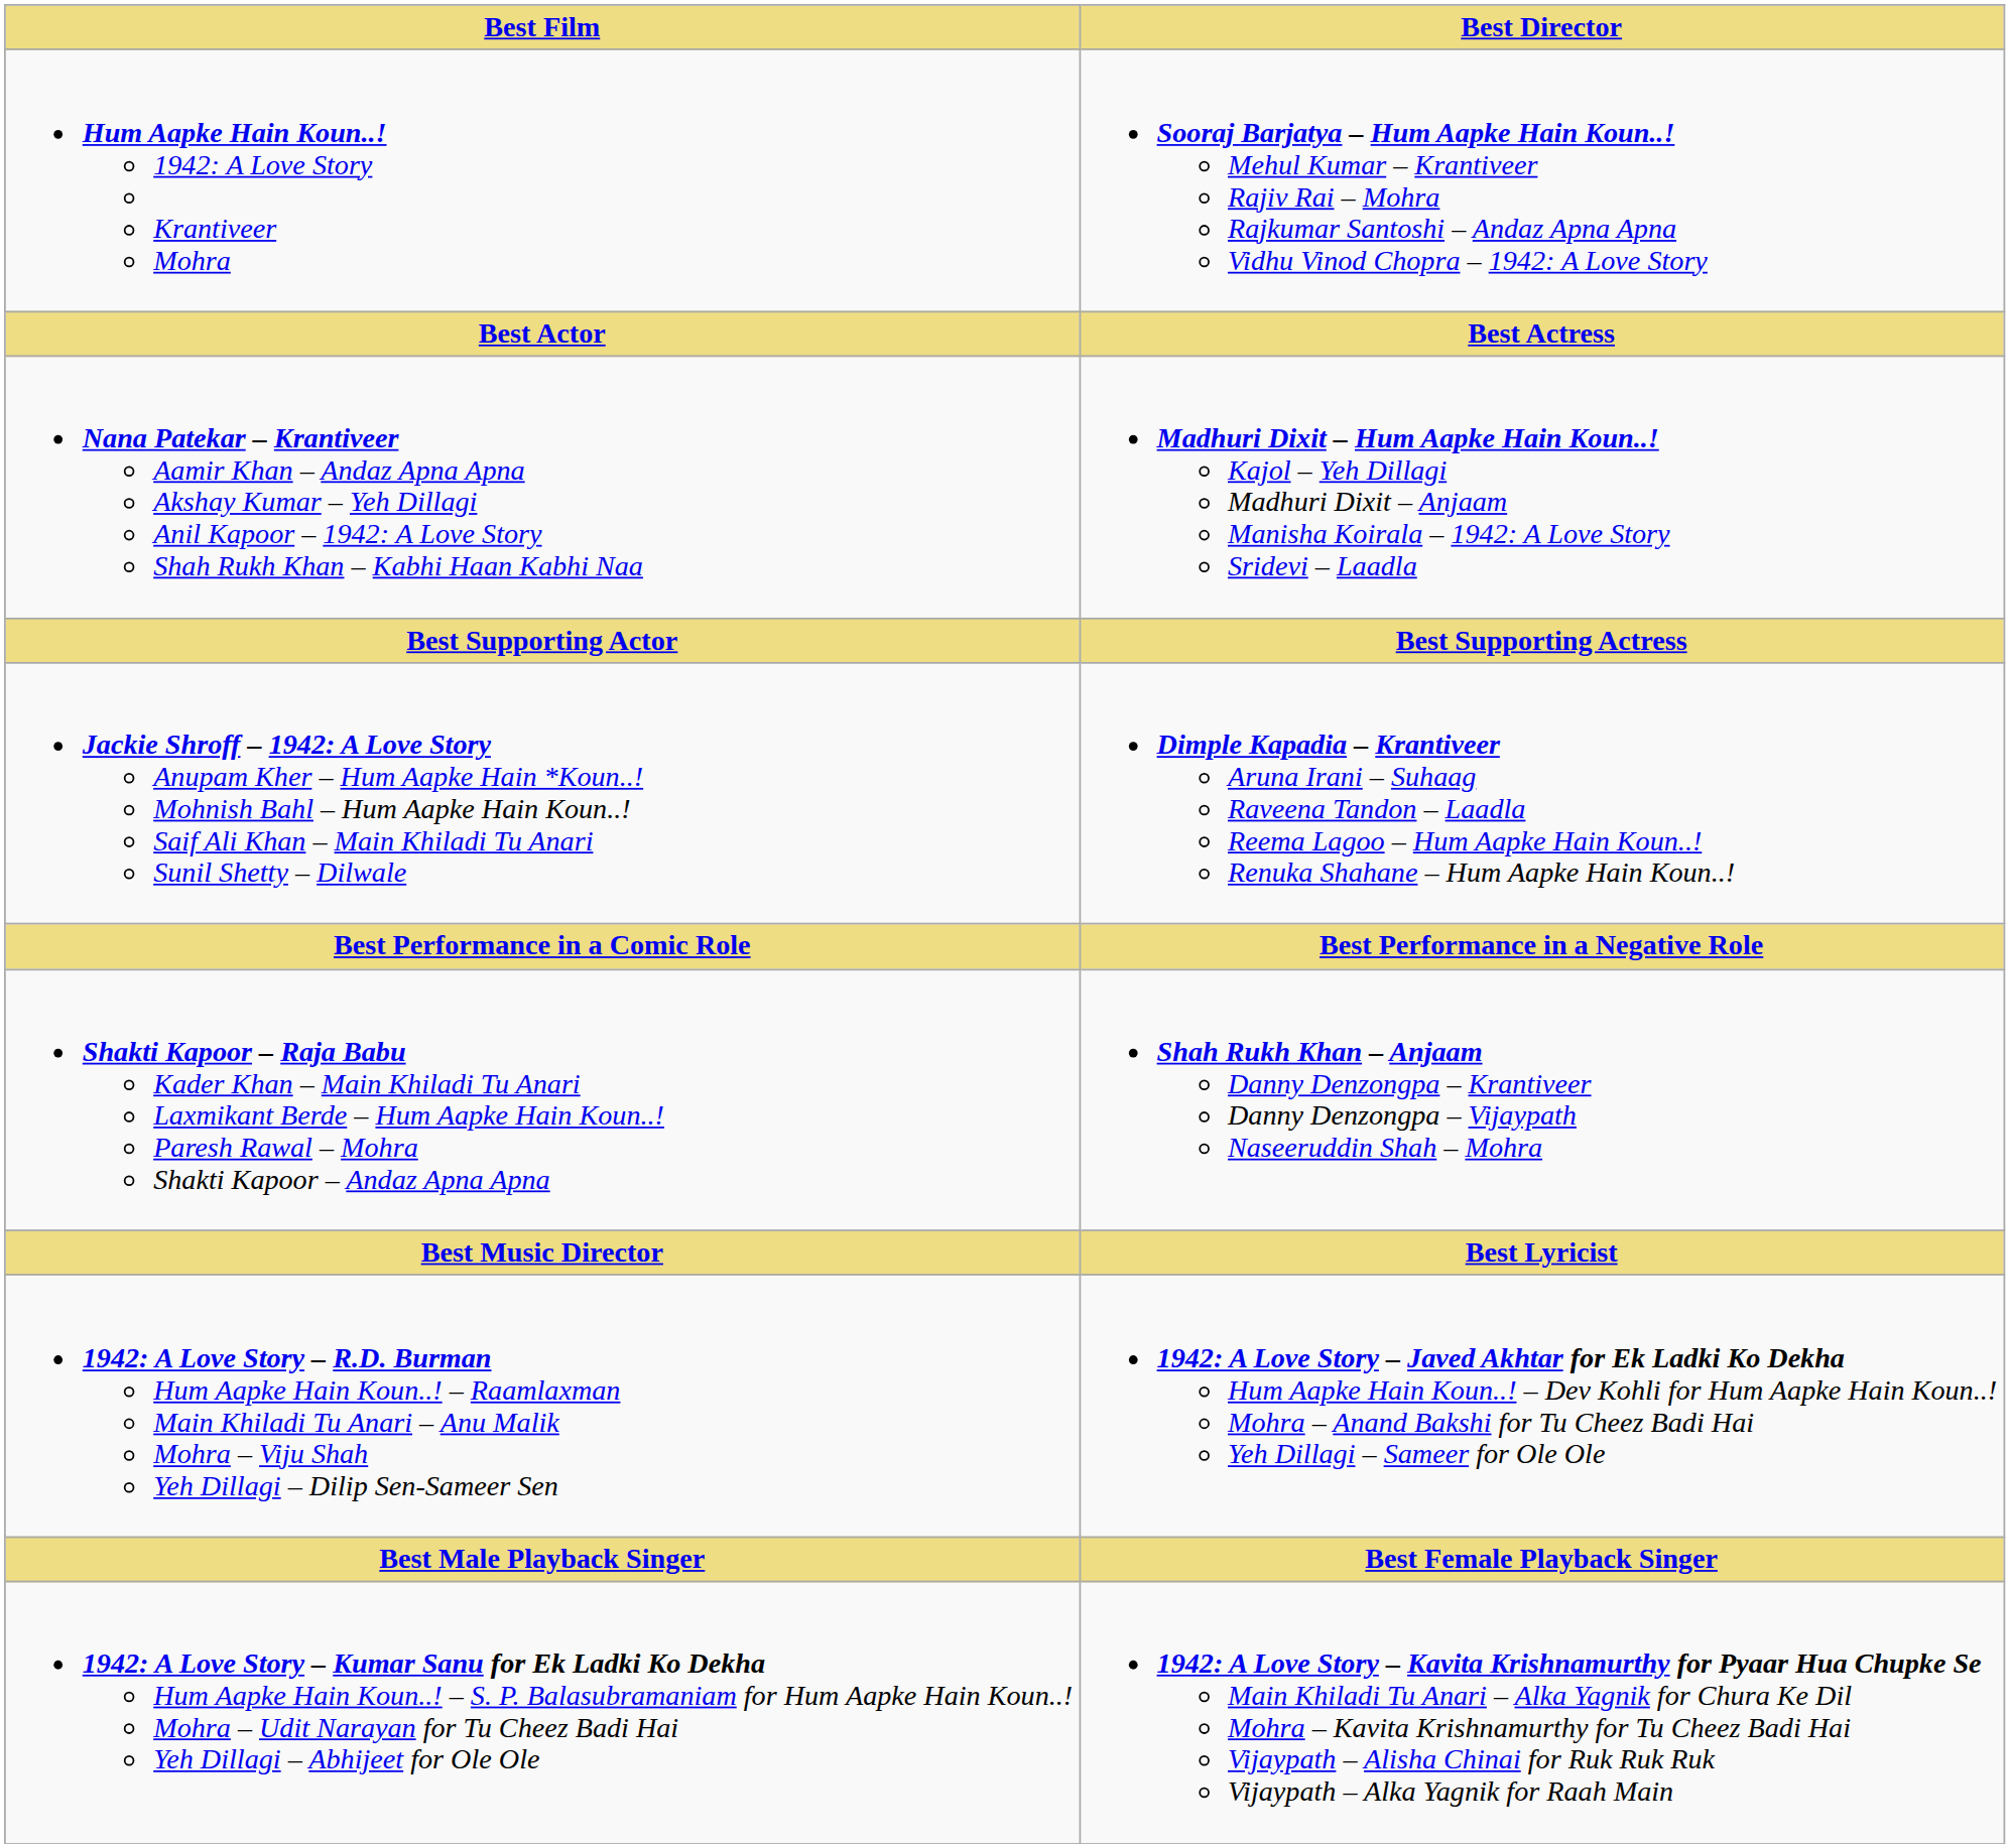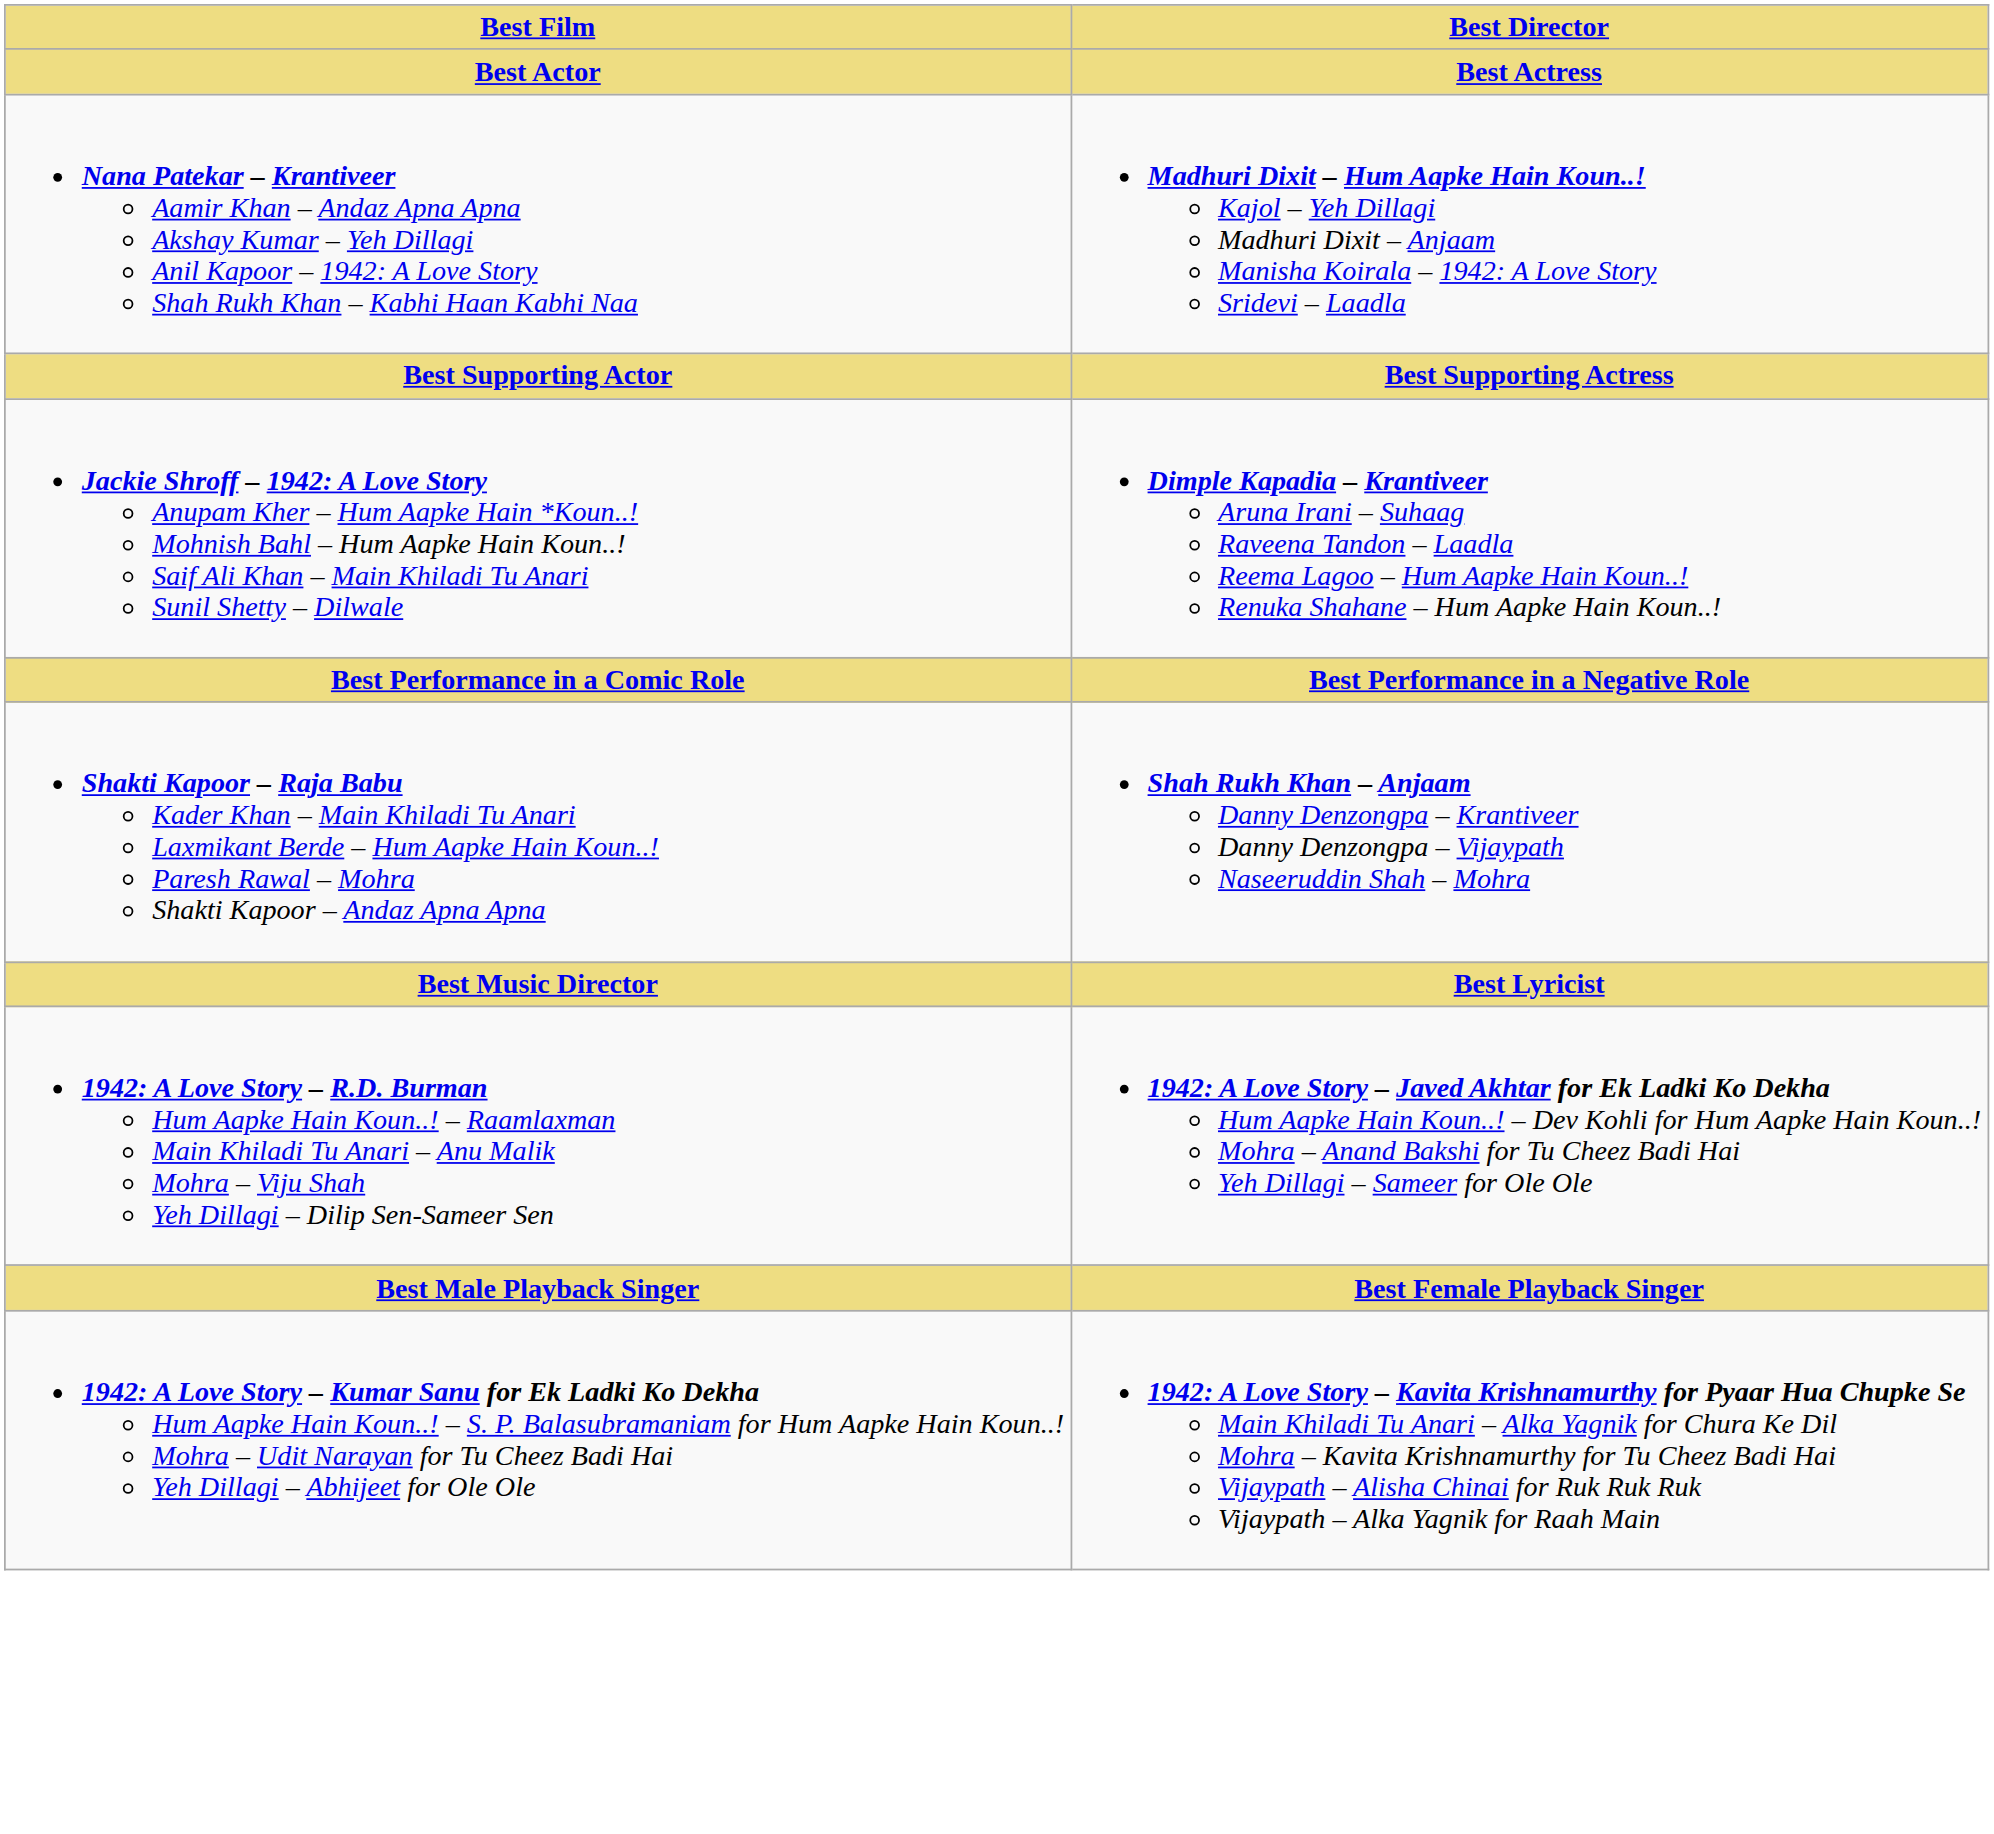 <table class="wikitable">
 <tr>
 <th ! style="background:#EEDD82;text-align:center;"><a href='#'>Best Film</a></th>
 <th ! style="background:#eedd82; text-align:center;"><a href='#'>Best Director</a></th>
-</tr>
-<tr>
-<td valign="top"><br><ul><li><strong> <em><a href='#'>Hum Aapke Hain Koun..!</a></em> </strong><ul><li><em><a href='#'>1942: A Love Story</a></em></li><li></li><li><em><a href='#'>Krantiveer</a></em></li><li><em><a href='#'>Mohra</a></em></li></ul></li></ul></td>
-<td valign="top"><br><ul><li><strong> <em><a href='#'>Sooraj Barjatya</a> – <a href='#'>Hum Aapke Hain Koun..!</a></em> </strong><ul><li><em><a href='#'>Mehul Kumar</a> – <a href='#'>Krantiveer</a></em></li><li><em><a href='#'>Rajiv Rai</a> – <a href='#'>Mohra</a></em></li><li><em><a href='#'>Rajkumar Santoshi</a> – <a href='#'>Andaz Apna Apna</a></em></li><li><em><a href='#'>Vidhu Vinod Chopra</a> – <a href='#'>1942: A Love Story</a></em></li></ul></li></ul></td>
 </tr>
 <tr>
 <th ! style="background:#EEDD82;text-align:center;"><a href='#'>Best Actor</a></th>
 <th ! style="background:#eedd82; text-align:center;"><a href='#'>Best Actress</a></th>
 </tr>
 <tr>
 <td valign="top"><br><ul><li><strong> <em><a href='#'>Nana Patekar</a> – <a href='#'>Krantiveer</a></em> </strong><ul><li><em><a href='#'>Aamir Khan</a> – <a href='#'>Andaz Apna Apna</a></em></li><li><em><a href='#'>Akshay Kumar</a> – <a href='#'>Yeh Dillagi</a></em></li><li><em><a href='#'>Anil Kapoor</a> – <a href='#'>1942: A Love Story</a></em></li><li><em><a href='#'>Shah Rukh Khan</a> – <a href='#'>Kabhi Haan Kabhi Naa</a></em></li></ul></li></ul></td>
 <td valign="top"><br><ul><li><strong> <em><a href='#'>Madhuri Dixit</a> – <a href='#'>Hum Aapke Hain Koun..!</a></em> </strong><ul><li><em><a href='#'>Kajol</a> – <a href='#'>Yeh Dillagi</a></em></li><li><em>Madhuri Dixit – <a href='#'>Anjaam</a></em></li><li><em><a href='#'>Manisha Koirala</a> – <a href='#'>1942: A Love Story</a></em></li><li><em><a href='#'>Sridevi</a> – <a href='#'>Laadla</a></em></li></ul></li></ul></td>
 </tr>
 <tr>
 <th ! style="background:#EEDD82;text-align:center;"><a href='#'>Best Supporting Actor</a></th>
 <th ! style="background:#eedd82; text-align:center;"><a href='#'>Best Supporting Actress</a></th>
 </tr>
 <tr>
 <td valign="top"><br><ul><li><strong> <em><a href='#'>Jackie Shroff</a> – <a href='#'>1942: A Love Story</a></em> </strong><ul><li><em><a href='#'>Anupam Kher</a> – <a href='#'>Hum Aapke Hain *Koun..!</a></em></li><li><em><a href='#'>Mohnish Bahl</a> – Hum Aapke Hain Koun..!</em></li><li><em><a href='#'>Saif Ali Khan</a> – <a href='#'>Main Khiladi Tu Anari</a></em></li><li><em><a href='#'>Sunil Shetty</a> – <a href='#'>Dilwale</a></em></li></ul></li></ul></td>
 <td valign="top"><br><ul><li><strong> <em><a href='#'>Dimple Kapadia</a> – <a href='#'>Krantiveer</a></em> </strong><ul><li><em><a href='#'>Aruna Irani</a> – <a href='#'>Suhaag</a></em></li><li><em><a href='#'>Raveena Tandon</a> – <a href='#'>Laadla</a></em></li><li><em><a href='#'>Reema Lagoo</a> – <a href='#'>Hum Aapke Hain Koun..!</a></em></li><li><em><a href='#'>Renuka Shahane</a> – Hum Aapke Hain Koun..!</em></li></ul></li></ul></td>
 </tr>
 <tr>
 <th ! style="background:#EEDD82;text-align:center;"><a href='#'>Best Performance in a Comic Role</a></th>
 <th ! style="background:#eedd82; text-align:center;"><a href='#'>Best Performance in a Negative Role</a></th>
 </tr>
 <tr>
 <td valign="top"><br><ul><li><strong> <em><a href='#'>Shakti Kapoor</a> – <a href='#'>Raja Babu</a></em> </strong><ul><li><em><a href='#'>Kader Khan</a> – <a href='#'>Main Khiladi Tu Anari</a></em></li><li><em><a href='#'>Laxmikant Berde</a> – <a href='#'>Hum Aapke Hain Koun..!</a></em></li><li><em><a href='#'>Paresh Rawal</a> – <a href='#'>Mohra</a></em></li><li><em>Shakti Kapoor – <a href='#'>Andaz Apna Apna</a></em></li></ul></li></ul></td>
 <td valign="top"><br><ul><li><strong> <em><a href='#'>Shah Rukh Khan</a> – <a href='#'>Anjaam</a></em> </strong><ul><li><em><a href='#'>Danny Denzongpa</a> – <a href='#'>Krantiveer</a></em></li><li><em>Danny Denzongpa – <a href='#'>Vijaypath</a></em></li><li><em><a href='#'>Naseeruddin Shah</a> – <a href='#'>Mohra</a></em></li></ul></li></ul></td>
 </tr>
 <tr>
 <th ! style="background:#eedd82; text-align:center;"><a href='#'>Best Music Director</a></th>
 <th ! style="background:#eedd82; text-align:center;"><a href='#'>Best Lyricist</a></th>
 </tr>
 <tr>
 <td valign="top"><br><ul><li><strong> <em><a href='#'>1942: A Love Story</a> – <a href='#'>R.D. Burman</a></em> </strong><ul><li><em><a href='#'>Hum Aapke Hain Koun..!</a> – <a href='#'>Raamlaxman</a></em></li><li><em><a href='#'>Main Khiladi Tu Anari</a> – <a href='#'>Anu Malik</a></em></li><li><em><a href='#'>Mohra</a> – <a href='#'>Viju Shah</a></em></li><li><em><a href='#'>Yeh Dillagi</a> – Dilip Sen-Sameer Sen</em></li></ul></li></ul></td>
 <td valign="top"><br><ul><li><strong> <em><a href='#'>1942: A Love Story</a> – <a href='#'>Javed Akhtar</a> for Ek Ladki Ko Dekha</em> </strong><ul><li><em><a href='#'>Hum Aapke Hain Koun..!</a> – Dev Kohli for Hum Aapke Hain Koun..!</em></li><li><em><a href='#'>Mohra</a> – <a href='#'>Anand Bakshi</a> for Tu Cheez Badi Hai</em></li><li><em><a href='#'>Yeh Dillagi</a> – <a href='#'>Sameer</a> for Ole Ole</em></li></ul></li></ul></td>
 </tr>
 <tr>
 <th ! style="background:#eedd82; text-align:center;"><a href='#'>Best Male Playback Singer</a></th>
 <th ! style="background:#eedd82; text-align:center;"><a href='#'>Best Female Playback Singer</a></th>
 </tr>
 <tr>
 <td valign="top"><br><ul><li><strong> <em><a href='#'>1942: A Love Story</a> – <a href='#'>Kumar Sanu</a> for Ek Ladki Ko Dekha</em> </strong><ul><li><em><a href='#'>Hum Aapke Hain Koun..!</a> – <a href='#'>S. P. Balasubramaniam</a> for Hum Aapke Hain Koun..!</em></li><li><em><a href='#'>Mohra</a> – <a href='#'>Udit Narayan</a> for Tu Cheez Badi Hai</em></li><li><em><a href='#'>Yeh Dillagi</a> – <a href='#'>Abhijeet</a> for Ole Ole</em></li></ul></li></ul></td>
 <td valign="top"><br><ul><li><strong> <em><a href='#'>1942: A Love Story</a> – <a href='#'>Kavita Krishnamurthy</a> for Pyaar Hua Chupke Se</em> </strong><ul><li><em><a href='#'>Main Khiladi Tu Anari</a> – <a href='#'>Alka Yagnik</a> for Chura Ke Dil</em></li><li><em><a href='#'>Mohra</a> – Kavita Krishnamurthy for Tu Cheez Badi Hai</em></li><li><em><a href='#'>Vijaypath</a> – <a href='#'>Alisha Chinai</a> for Ruk Ruk Ruk</em></li><li><em>Vijaypath – Alka Yagnik for Raah Main</em></li></ul></li></ul></td>
 </tr>
 </table>
